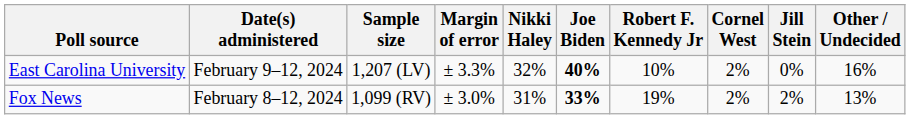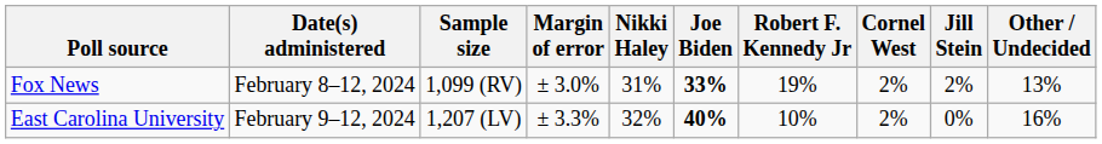 <table class="wikitable sortable mw-datatable" style="font-size:90%;text-align:center;line-height:17px">
 <tr valign=bottom>
 <th>Poll source</th>
 <th>Date(s)<br>administered</th>
 <th>Sample<br>size</th>
 <th>Margin<br>of error</th>
 <th class="unsortable">Nikki<br>Haley<br></th>
 <th class="unsortable">Joe<br>Biden<br></th>
 <th class="unsortable">Robert F.<br>Kennedy Jr<br></th>
 <th class="unsortable">Cornel<br>West<br></th>
 <th class="unsortable">Jill<br>Stein<br></th>
 <th class="unsortable">Other /<br>Undecided</th>
 </tr>
 <tr>
+<td style="text-align:left;"><a href='#'>Fox News</a></td>
+<td data-sort-value="2024-02-14">February 8–12, 2024</td>
+<td>1,099 (RV)</td>
+<td>± 3.0%</td>
+<td>31%</td>
+<td style="color:black;background-color:"><strong>33%</strong></td>
+<td>19%</td>
+<td>2%</td>
+<td>2%</td>
+<td>13%</td>
+</tr>
+<tr>
 <td style="text-align:left;"><a href='#'>East Carolina University</a></td>
 <td data-sort-value="2024-02-16">February 9–12, 2024</td>
 <td>1,207 (LV)</td>
 <td>± 3.3%</td>
 <td>32%</td>
 <td style="color:black;background-color:"><strong>40%</strong></td>
 <td>10%</td>
 <td>2%</td>
 <td>0%</td>
 <td>16%</td>
 </tr>
-<tr>
-<td style="text-align:left;"><a href='#'>Fox News</a></td>
-<td data-sort-value="2024-02-14">February 8–12, 2024</td>
-<td>1,099 (RV)</td>
-<td>± 3.0%</td>
-<td>31%</td>
-<td style="color:black;background-color:"><strong>33%</strong></td>
-<td>19%</td>
-<td>2%</td>
-<td>2%</td>
-<td>13%</td>
-</tr>
 </table>
